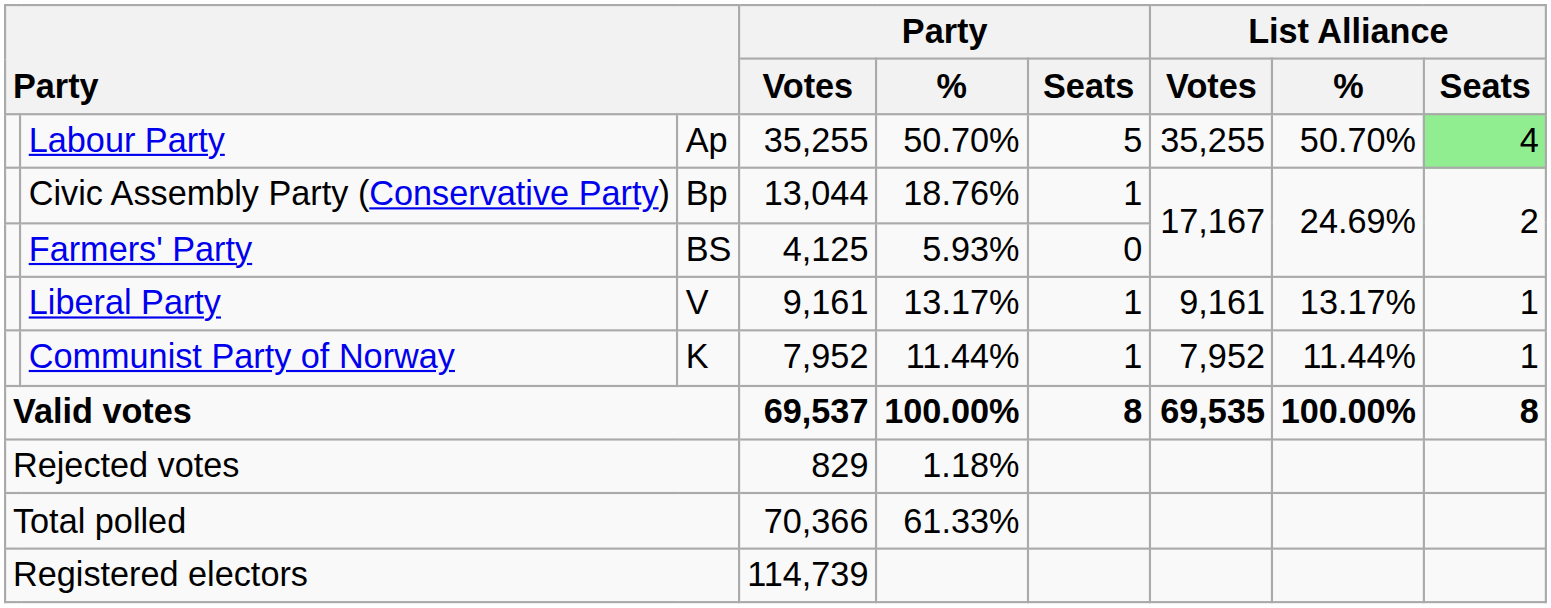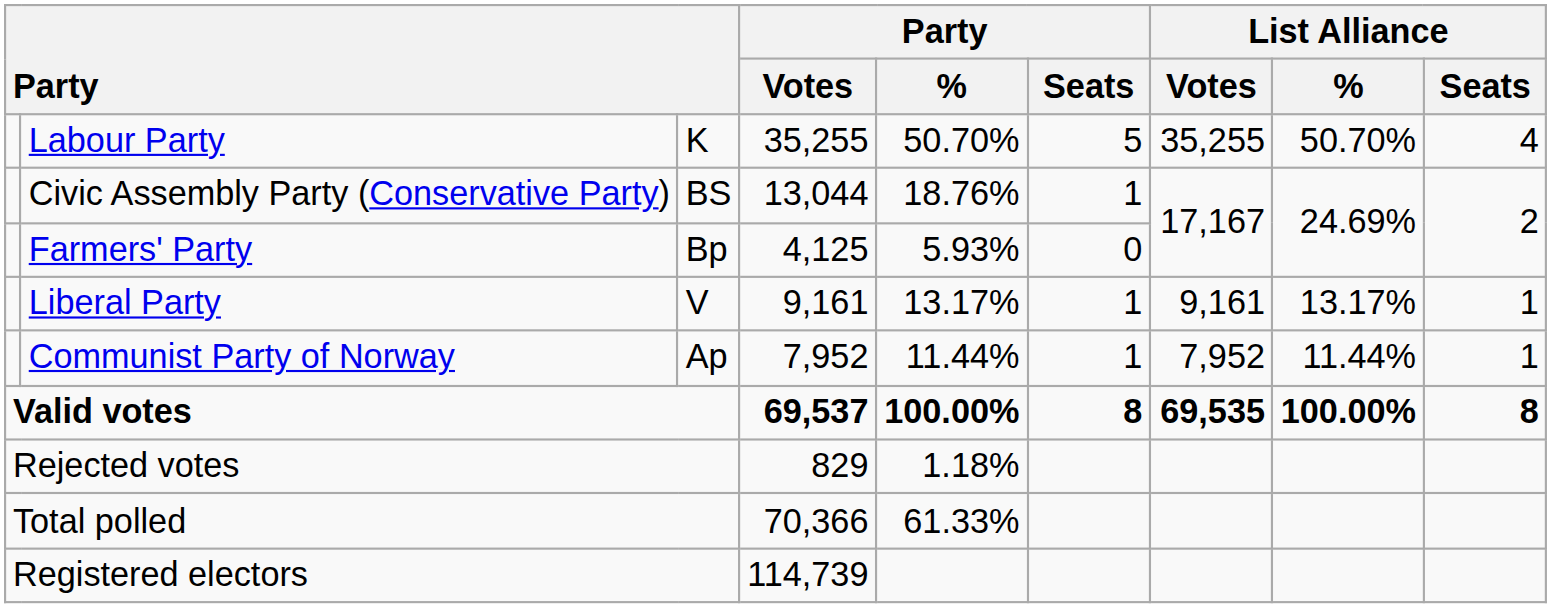 <table class="wikitable" border="1" style="text-align:right;">
 <tr>
 <th style="text-align:left;" valign=bottom rowspan=2 colspan=3>Party</th>
 <th colspan=3>Party</th>
 <th colspan=3>List Alliance</th>
 </tr>
 <tr>
 <th align=center valign=bottom width="50">Votes</th>
 <th align=center valign=bottom width="50">%</th>
 <th align=center valign=bottom width="50">Seats</th>
 <th align=center valign=bottom width="50">Votes</th>
 <th align=center valign=bottom width="50">%</th>
 <th align=center valign=bottom width="50">Seats</th>
 </tr>
 <tr>
 <td style="color:inherit;background:"></td>
 <td align=left><a href='#'>Labour Party</a></td>
-<td align=left>Ap</td>
+<td align=left>K</td>
 <td>35,255</td>
 <td>50.70%</td>
 <td>5</td>
 <td>35,255</td>
 <td>50.70%</td>
-<td style="background: lightgreen;">4</td>
+<td>4</td>
 </tr>
 <tr>
 <td></td>
 <td align=left>Civic Assembly Party (<a href='#'>Conservative Party</a>)</td>
-<td align=left>Bp</td>
+<td align=left>BS</td>
 <td>13,044</td>
 <td>18.76%</td>
 <td>1</td>
 <td rowspan=2>17,167</td>
 <td rowspan=2>24.69%</td>
 <td rowspan=2>2</td>
 </tr>
 <tr>
 <td style="color:inherit;background:"></td>
 <td align=left><a href='#'>Farmers' Party</a></td>
-<td align=left>BS</td>
+<td align=left>Bp</td>
 <td>4,125</td>
 <td>5.93%</td>
 <td>0</td>
 </tr>
 <tr>
 <td style="color:inherit;background:"></td>
 <td align=left><a href='#'>Liberal Party</a></td>
 <td align=left>V</td>
 <td>9,161</td>
 <td>13.17%</td>
 <td>1</td>
 <td>9,161</td>
 <td>13.17%</td>
 <td>1</td>
 </tr>
 <tr>
 <td style="color:inherit;background:"></td>
 <td align=left><a href='#'>Communist Party of Norway</a></td>
-<td align=left>K</td>
+<td align=left>Ap</td>
 <td>7,952</td>
 <td>11.44%</td>
 <td>1</td>
 <td>7,952</td>
 <td>11.44%</td>
 <td>1</td>
 </tr>
 <tr style="font-weight:bold">
 <td align=left colspan=3>Valid votes</td>
 <td>69,537</td>
 <td>100.00%</td>
 <td>8</td>
 <td>69,535</td>
 <td>100.00%</td>
 <td>8</td>
 </tr>
 <tr>
 <td align=left colspan=3>Rejected votes</td>
 <td>829</td>
 <td>1.18%</td>
 <td></td>
 <td></td>
 <td></td>
 <td></td>
 </tr>
 <tr>
 <td align=left colspan=3>Total polled</td>
 <td>70,366</td>
 <td>61.33%</td>
 <td></td>
 <td></td>
 <td></td>
 <td></td>
 </tr>
 <tr>
 <td align=left colspan=3>Registered electors</td>
 <td>114,739</td>
 <td></td>
 <td></td>
 <td></td>
 <td></td>
 <td></td>
 </tr>
 </table>
